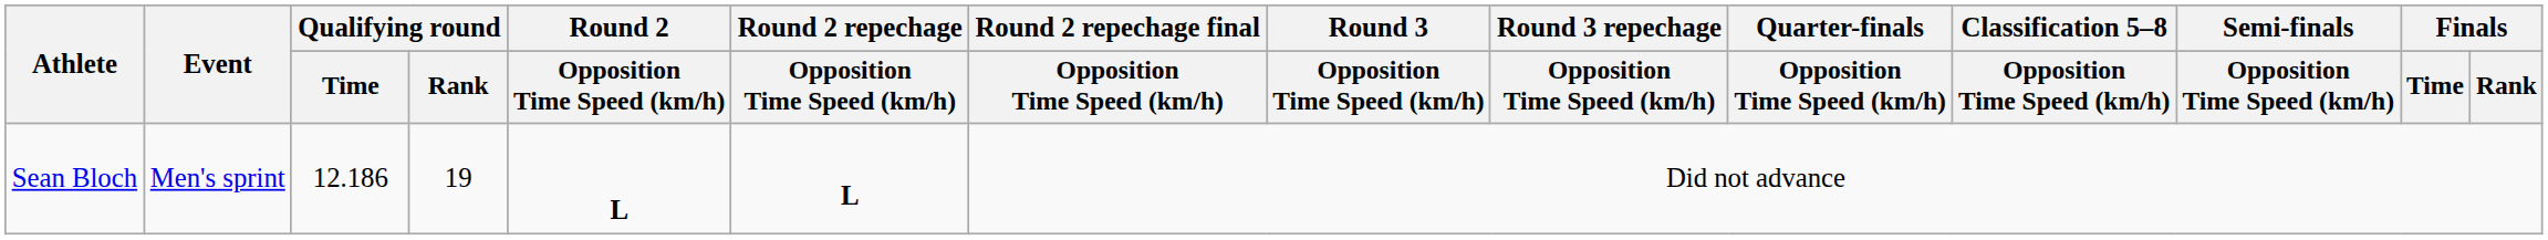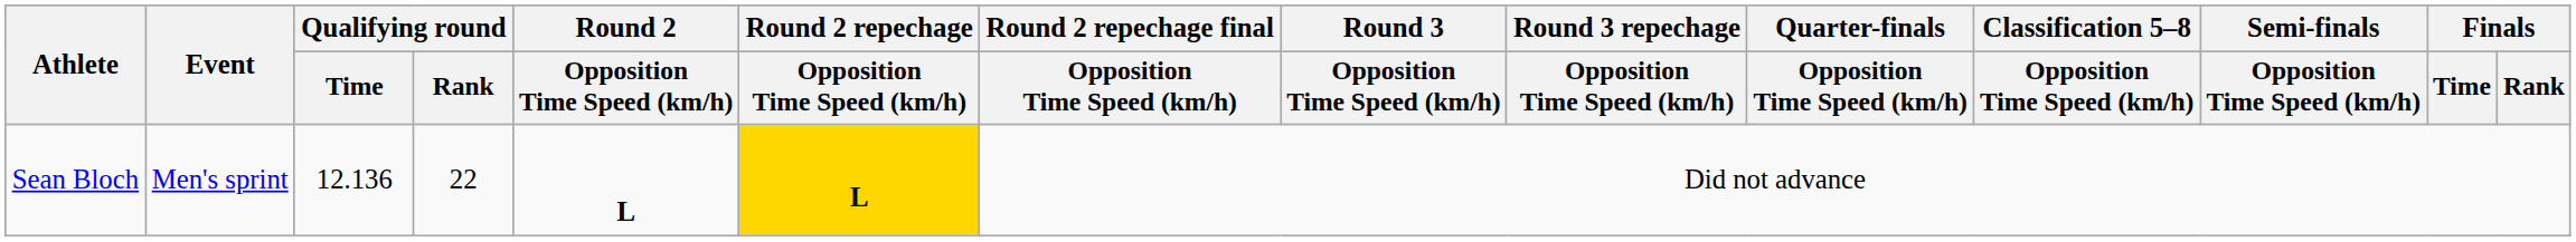 <table class=wikitable style="font-size:90%">
 <tr>
 <th rowspan="2">Athlete</th>
 <th rowspan="2">Event</th>
 <th colspan=2>Qualifying round</th>
 <th colspan=1>Round 2</th>
 <th colspan=1>Round 2 repechage</th>
 <th colspan=1>Round 2 repechage final</th>
 <th colspan=1>Round 3</th>
 <th colspan=1>Round 3 repechage</th>
 <th colspan=1>Quarter-finals</th>
 <th colspan=1>Classification 5–8</th>
 <th colspan=1>Semi-finals</th>
 <th colspan=2>Finals</th>
 </tr>
 <tr style="font-size:95%">
 <th>Time</th>
 <th>Rank</th>
 <th>Opposition<br>Time Speed (km/h)</th>
 <th>Opposition<br>Time Speed (km/h)</th>
 <th>Opposition<br>Time Speed (km/h)</th>
 <th>Opposition<br>Time Speed (km/h)</th>
 <th>Opposition<br>Time Speed (km/h)</th>
 <th>Opposition<br>Time Speed (km/h)</th>
 <th>Opposition<br>Time Speed (km/h)</th>
 <th>Opposition<br>Time Speed (km/h)</th>
 <th>Time</th>
 <th>Rank</th>
 </tr>
 <tr align=center>
 <td align=left><a href='#'>Sean Bloch</a></td>
 <td align=left><a href='#'>Men's sprint</a></td>
-<td>12.186</td>
-<td>19</td>
+<td>12.136</td>
+<td>22</td>
 <td><br><br><strong>L</strong></td>
-<td><br><strong>L</strong></td>
+<td style="background: gold;"><br><strong>L</strong></td>
 <td colspan=8>Did not advance</td>
 </tr>
 </table>
